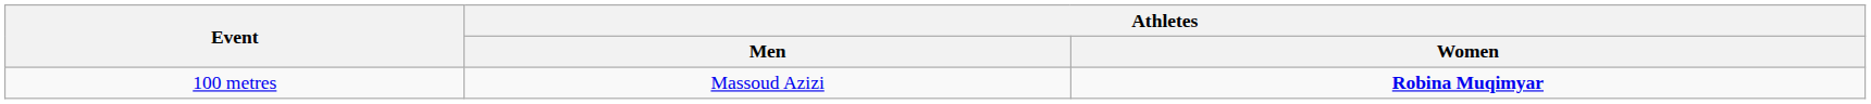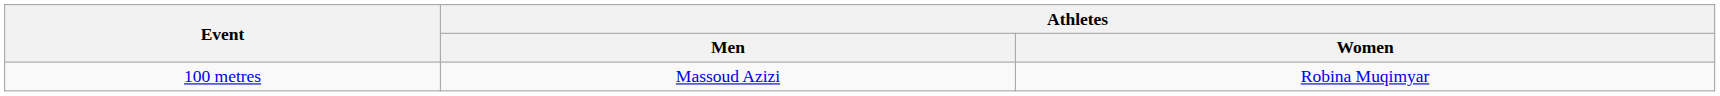 <table class="wikitable" style=" text-align:center; font-size:95%;" width="75%">
 <tr>
 <th rowspan=2>Event</th>
 <th colspan=2>Athletes</th>
 </tr>
 <tr>
 <th>Men</th>
 <th>Women</th>
 </tr>
 <tr>
 <td><a href='#'>100 metres</a></td>
 <td><a href='#'>Massoud Azizi</a></td>
-<td><strong><a href='#'>Robina Muqimyar</a></strong></td>
+<td><a href='#'>Robina Muqimyar</a></td>
 </tr>
 </table>
